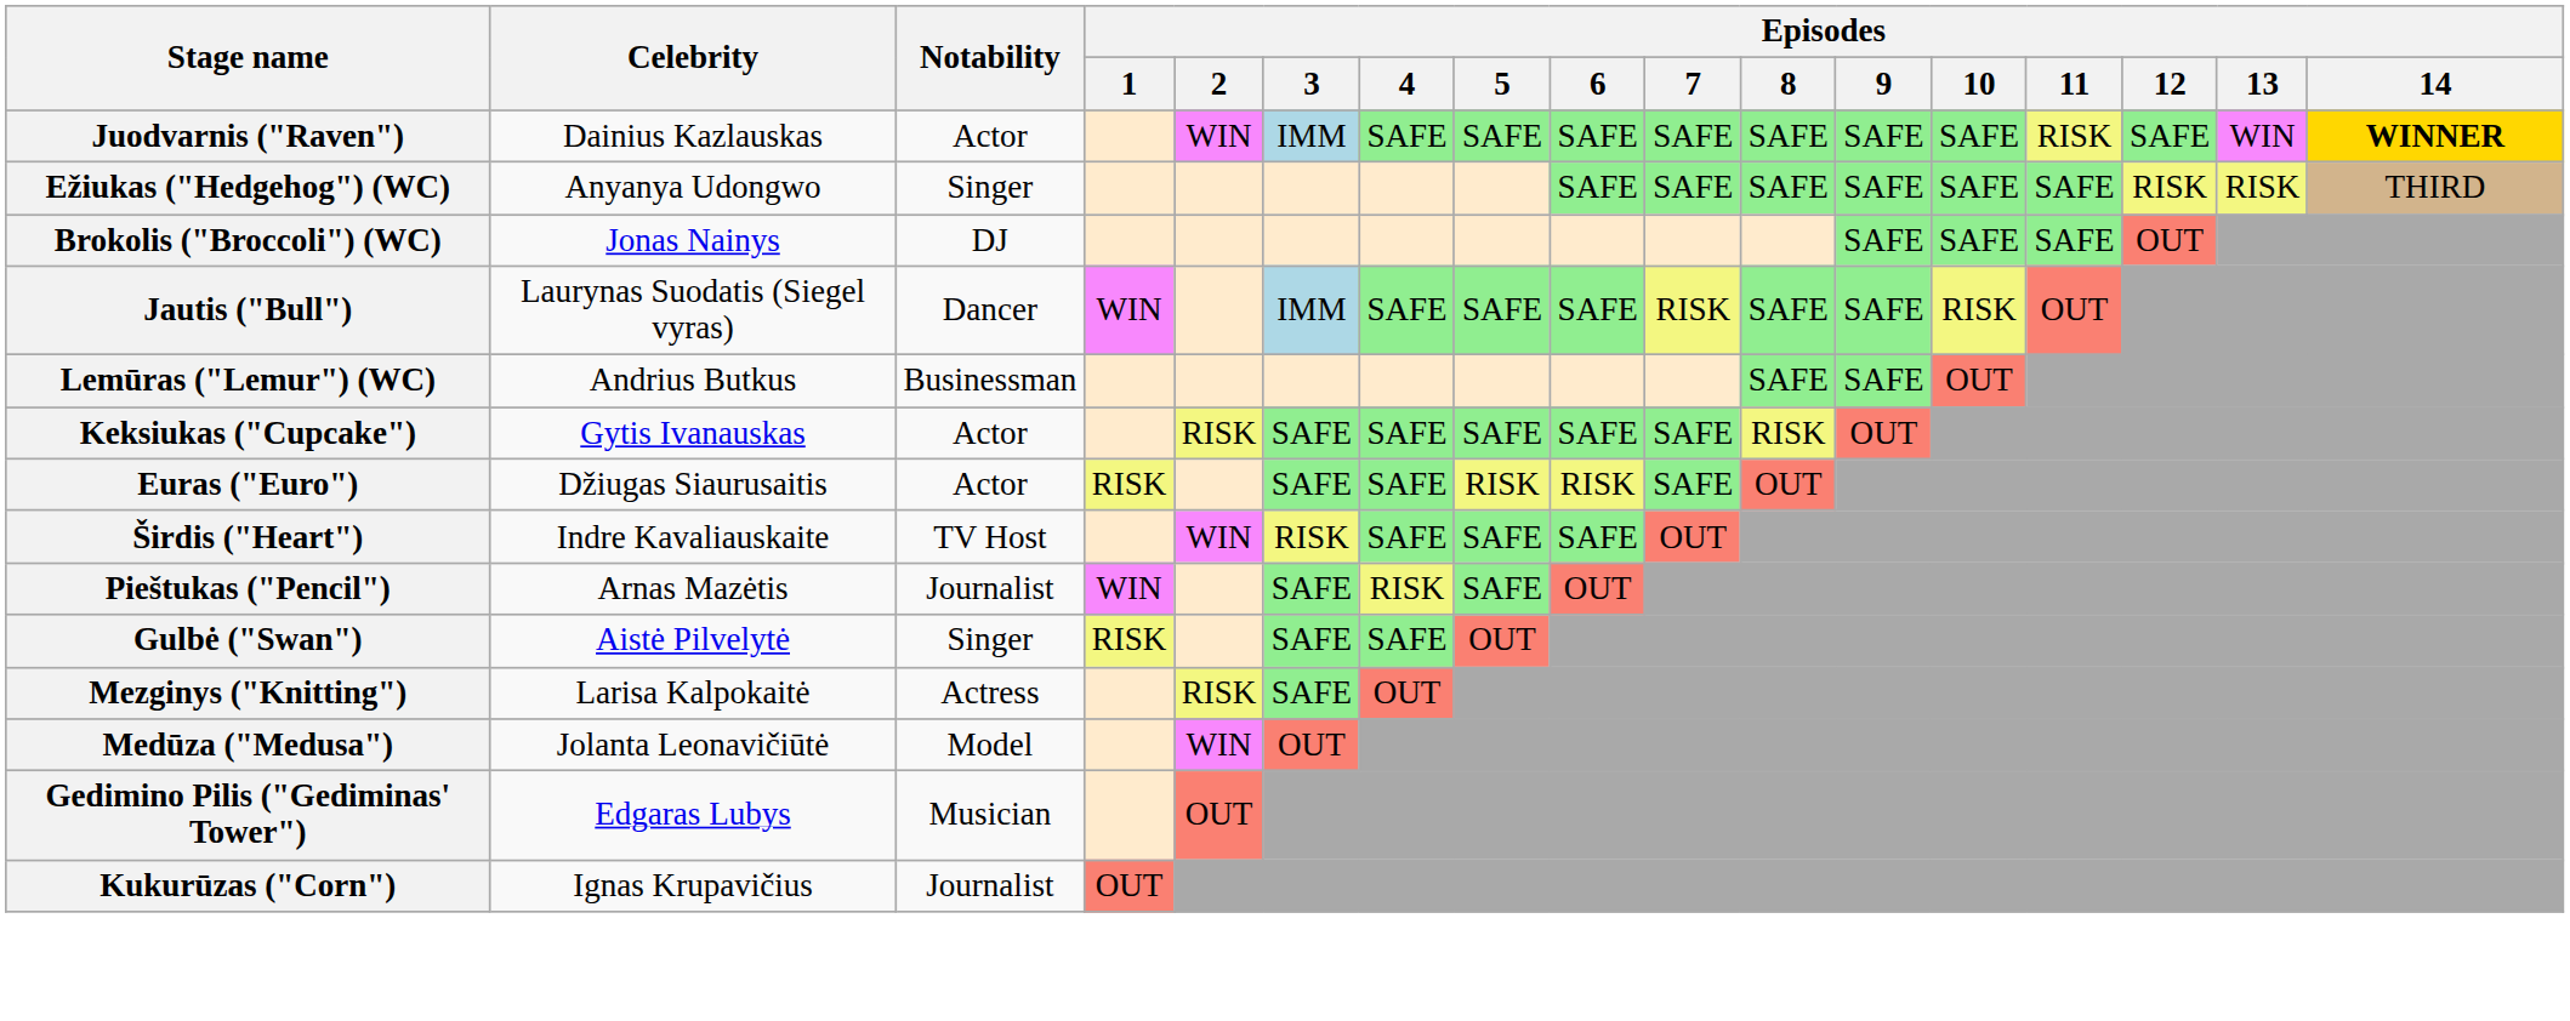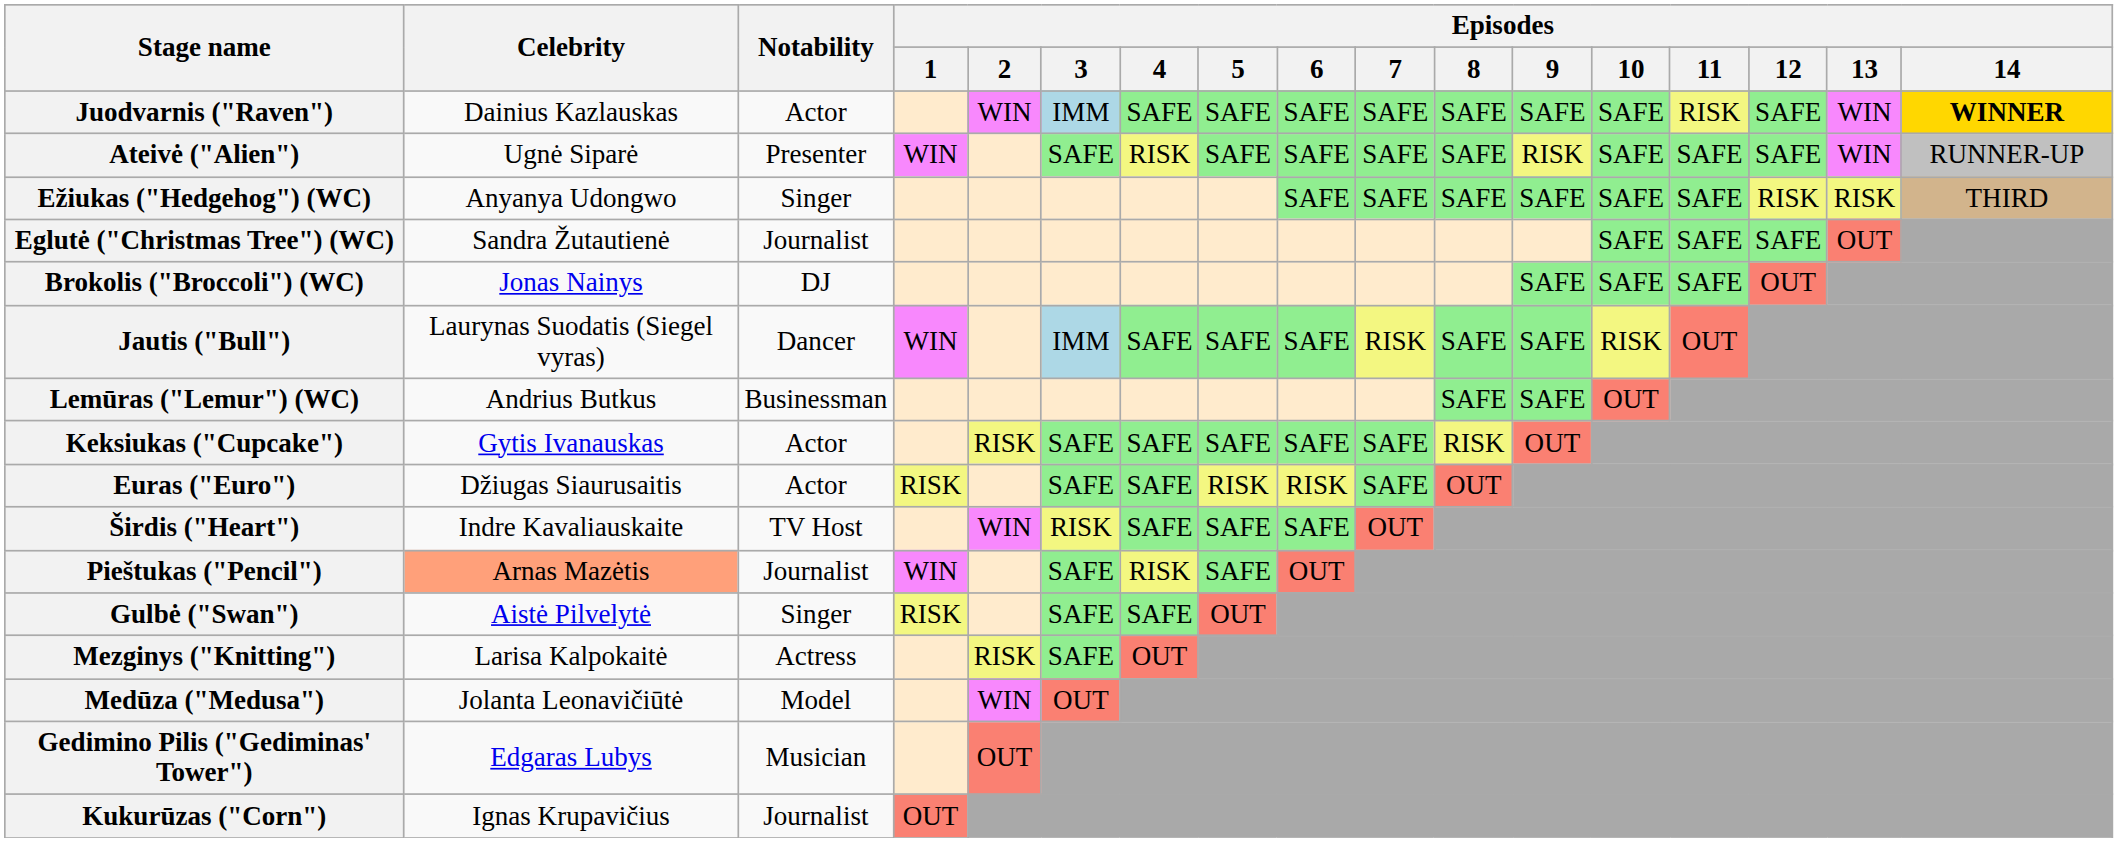 <table class="wikitable" style="text-align:center; ">
 <tr>
 <th rowspan="2">Stage name</th>
 <th rowspan="2">Celebrity</th>
 <th rowspan="2">Notability</th>
 <th colspan="14">Episodes</th>
 </tr>
 <tr>
 <th>1</th>
 <th>2</th>
 <th>3</th>
 <th>4</th>
 <th>5</th>
 <th>6</th>
 <th>7</th>
 <th>8</th>
 <th>9</th>
 <th>10</th>
 <th>11</th>
 <th>12</th>
 <th>13</th>
 <th>14</th>
 </tr>
 <tr>
 <th>Juodvarnis ("Raven")</th>
 <td>Dainius Kazlauskas</td>
 <td>Actor</td>
 <td bgcolor="#FFEBCD"></td>
 <td bgcolor=#F888FD>WIN</td>
 <td bgcolor="lightblue">IMM</td>
 <td bgcolor="lightgreen">SAFE</td>
 <td bgcolor="lightgreen">SAFE</td>
 <td bgcolor="lightgreen">SAFE</td>
 <td bgcolor="lightgreen">SAFE</td>
 <td bgcolor="lightgreen">SAFE</td>
 <td bgcolor="lightgreen">SAFE</td>
 <td bgcolor="lightgreen">SAFE</td>
 <td bgcolor="#F3F781">RISK</td>
 <td bgcolor="lightgreen">SAFE</td>
 <td bgcolor=#F888FD>WIN</td>
 <td bgcolor=gold><strong>WINNER</strong></td>
 </tr>
 <tr>
+<th>Ateivė ("Alien")</th>
+<td>Ugnė Siparė</td>
+<td>Presenter</td>
+<td bgcolor=#F888FD>WIN</td>
+<td bgcolor="#FFEBCD"></td>
+<td bgcolor="lightgreen">SAFE</td>
+<td bgcolor="#F3F781">RISK</td>
+<td bgcolor="lightgreen">SAFE</td>
+<td bgcolor="lightgreen">SAFE</td>
+<td bgcolor="lightgreen">SAFE</td>
+<td bgcolor="lightgreen">SAFE</td>
+<td bgcolor="#F3F781">RISK</td>
+<td bgcolor="lightgreen">SAFE</td>
+<td bgcolor="lightgreen">SAFE</td>
+<td bgcolor="lightgreen">SAFE</td>
+<td bgcolor=#F888FD>WIN</td>
+<td bgcolor=silver>RUNNER-UP</td>
+</tr>
+<tr>
 <th>Ežiukas ("Hedgehog") (WC)</th>
 <td>Anyanya Udongwo</td>
 <td>Singer</td>
 <td bgcolor="#FFEBCD"></td>
 <td bgcolor="#FFEBCD"></td>
 <td bgcolor="#FFEBCD"></td>
 <td bgcolor="#FFEBCD"></td>
 <td bgcolor="#FFEBCD"></td>
 <td bgcolor="lightgreen">SAFE</td>
 <td bgcolor="lightgreen">SAFE</td>
 <td bgcolor="lightgreen">SAFE</td>
 <td bgcolor="lightgreen">SAFE</td>
 <td bgcolor="lightgreen">SAFE</td>
 <td bgcolor="lightgreen">SAFE</td>
 <td bgcolor="#F3F781">RISK</td>
 <td bgcolor="#F3F781">RISK</td>
 <td style="width:10%;background:tan;">THIRD</td>
+</tr>
+<tr>
+<th>Eglutė ("Christmas Tree") (WC)</th>
+<td>Sandra Žutautienė</td>
+<td>Journalist</td>
+<td bgcolor="#FFEBCD"></td>
+<td bgcolor="#FFEBCD"></td>
+<td bgcolor="#FFEBCD"></td>
+<td bgcolor="#FFEBCD"></td>
+<td bgcolor="#FFEBCD"></td>
+<td bgcolor="#FFEBCD"></td>
+<td bgcolor="#FFEBCD"></td>
+<td bgcolor="#FFEBCD"></td>
+<td bgcolor="#FFEBCD"></td>
+<td bgcolor="lightgreen">SAFE</td>
+<td bgcolor="lightgreen">SAFE</td>
+<td bgcolor="lightgreen">SAFE</td>
+<td bgcolor="salmon">OUT</td>
+<td colspan="1" bgcolor=darkgrey></td>
 </tr>
 <tr>
 <th>Brokolis ("Broccoli") (WC)</th>
 <td><a href='#'>Jonas Nainys</a></td>
 <td>DJ</td>
 <td bgcolor="#FFEBCD"></td>
 <td bgcolor="#FFEBCD"></td>
 <td bgcolor="#FFEBCD"></td>
 <td bgcolor="#FFEBCD"></td>
 <td bgcolor="#FFEBCD"></td>
 <td bgcolor="#FFEBCD"></td>
 <td bgcolor="#FFEBCD"></td>
 <td bgcolor="#FFEBCD"></td>
 <td bgcolor="lightgreen">SAFE</td>
 <td bgcolor="lightgreen">SAFE</td>
 <td bgcolor="lightgreen">SAFE</td>
 <td bgcolor="salmon">OUT</td>
 <td colspan="2" bgcolor=darkgrey></td>
 </tr>
 <tr>
 <th>Jautis ("Bull")</th>
 <td>Laurynas Suodatis (Siegel vyras)</td>
 <td>Dancer</td>
 <td bgcolor=#F888FD>WIN</td>
 <td bgcolor="#FFEBCD"></td>
 <td bgcolor="lightblue">IMM</td>
 <td bgcolor="lightgreen">SAFE</td>
 <td bgcolor="lightgreen">SAFE</td>
 <td bgcolor="lightgreen">SAFE</td>
 <td bgcolor="#F3F781">RISK</td>
 <td bgcolor="lightgreen">SAFE</td>
 <td bgcolor="lightgreen">SAFE</td>
 <td bgcolor="#F3F781">RISK</td>
 <td bgcolor="salmon">OUT</td>
 <td colspan="3" bgcolor=darkgrey></td>
 </tr>
 <tr>
 <th>Lemūras ("Lemur") (WC)</th>
 <td>Andrius Butkus</td>
 <td>Businessman</td>
 <td bgcolor="#FFEBCD"></td>
 <td bgcolor="#FFEBCD"></td>
 <td bgcolor="#FFEBCD"></td>
 <td bgcolor="#FFEBCD"></td>
 <td bgcolor="#FFEBCD"></td>
 <td bgcolor="#FFEBCD"></td>
 <td bgcolor="#FFEBCD"></td>
 <td bgcolor="lightgreen">SAFE</td>
 <td bgcolor="lightgreen">SAFE</td>
 <td bgcolor="salmon">OUT</td>
 <td colspan="4" bgcolor=darkgrey></td>
 </tr>
 <tr>
 <th>Keksiukas ("Cupcake")</th>
 <td><a href='#'>Gytis Ivanauskas</a></td>
 <td>Actor</td>
 <td bgcolor="#FFEBCD"></td>
 <td bgcolor="#F3F781">RISK</td>
 <td bgcolor="lightgreen">SAFE</td>
 <td bgcolor="lightgreen">SAFE</td>
 <td bgcolor="lightgreen">SAFE</td>
 <td bgcolor="lightgreen">SAFE</td>
 <td bgcolor="lightgreen">SAFE</td>
 <td bgcolor="#F3F781">RISK</td>
 <td bgcolor="salmon">OUT</td>
 <td colspan="5" bgcolor=darkgrey></td>
 </tr>
 <tr>
 <th>Euras ("Euro")</th>
 <td>Džiugas Siaurusaitis</td>
 <td>Actor</td>
 <td bgcolor="#F3F781">RISK</td>
 <td bgcolor="#FFEBCD"></td>
 <td bgcolor="lightgreen">SAFE</td>
 <td bgcolor="lightgreen">SAFE</td>
 <td bgcolor="#F3F781">RISK</td>
 <td bgcolor="#F3F781">RISK</td>
 <td bgcolor="lightgreen">SAFE</td>
 <td bgcolor="salmon">OUT</td>
 <td colspan="6" bgcolor=darkgrey></td>
 </tr>
 <tr>
 <th>Širdis ("Heart")</th>
 <td>Indre Kavaliauskaite</td>
 <td>TV Host</td>
 <td bgcolor="#FFEBCD"></td>
 <td bgcolor=#F888FD>WIN</td>
 <td bgcolor="#F3F781">RISK</td>
 <td bgcolor="lightgreen">SAFE</td>
 <td bgcolor="lightgreen">SAFE</td>
 <td bgcolor="lightgreen">SAFE</td>
 <td bgcolor="salmon">OUT</td>
 <td colspan="7" bgcolor=darkgrey></td>
 </tr>
 <tr>
 <th>Pieštukas ("Pencil")</th>
-<td>Arnas Mazėtis</td>
+<td style="background: lightsalmon;">Arnas Mazėtis</td>
 <td>Journalist</td>
 <td bgcolor=#F888FD>WIN</td>
 <td bgcolor="#FFEBCD"></td>
 <td bgcolor="lightgreen">SAFE</td>
 <td bgcolor="#F3F781">RISK</td>
 <td bgcolor="lightgreen">SAFE</td>
 <td bgcolor="salmon">OUT</td>
 <td colspan="8" bgcolor=darkgrey></td>
 </tr>
 <tr>
 <th>Gulbė ("Swan")</th>
 <td><a href='#'>Aistė Pilvelytė</a></td>
 <td>Singer</td>
 <td bgcolor="#F3F781">RISK</td>
 <td bgcolor="#FFEBCD"></td>
 <td bgcolor="lightgreen">SAFE</td>
 <td bgcolor="lightgreen">SAFE</td>
 <td bgcolor="salmon">OUT</td>
 <td colspan="9" bgcolor=darkgrey></td>
 </tr>
 <tr>
 <th>Mezginys ("Knitting")</th>
 <td>Larisa Kalpokaitė</td>
 <td>Actress</td>
 <td bgcolor="#FFEBCD"></td>
 <td bgcolor="#F3F781">RISK</td>
 <td bgcolor="lightgreen">SAFE</td>
 <td bgcolor="salmon">OUT</td>
 <td colspan="10" bgcolor=darkgrey></td>
 </tr>
 <tr>
 <th>Medūza ("Medusa")</th>
 <td>Jolanta Leonavičiūtė</td>
 <td>Model</td>
 <td bgcolor="#FFEBCD"></td>
 <td bgcolor=#F888FD>WIN</td>
 <td bgcolor="salmon">OUT</td>
 <td colspan="11" bgcolor=darkgrey></td>
 </tr>
 <tr>
 <th>Gedimino Pilis ("Gediminas' Tower")</th>
 <td><a href='#'>Edgaras Lubys</a></td>
 <td>Musician</td>
 <td bgcolor="#FFEBCD"></td>
 <td bgcolor="salmon">OUT</td>
 <td colspan="12" bgcolor=darkgrey></td>
 </tr>
 <tr>
 <th>Kukurūzas ("Corn")</th>
 <td>Ignas Krupavičius</td>
 <td>Journalist</td>
 <td bgcolor="salmon">OUT</td>
 <td colspan="13" bgcolor=darkgrey></td>
 </tr>
 </table>
